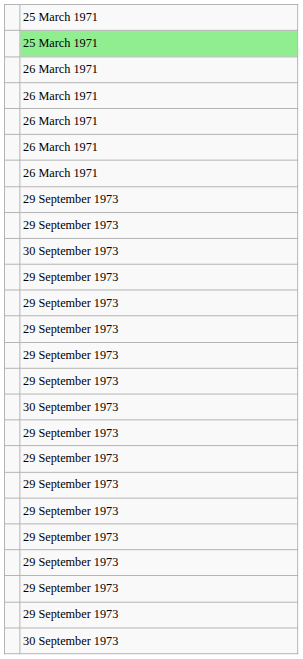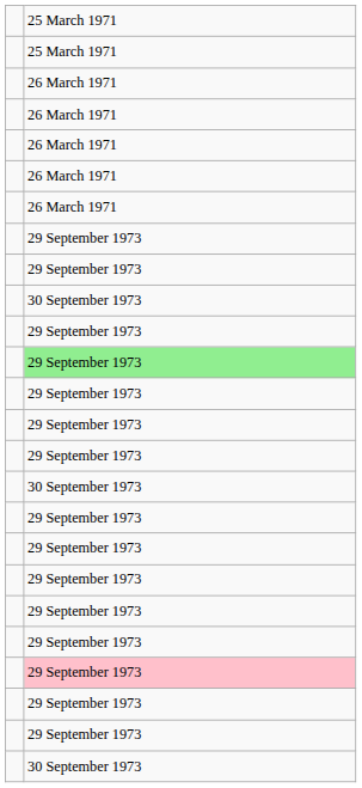 <table class="wikitable" style="font-size: 89%; float: left; width: 24em; margin-right: 1em; line-height: 1.65em">
 <tr>
 <td></td>
 <td>25 March 1971</td>
 </tr>
 <tr>
 <td></td>
-<td style="background: lightgreen;">25 March 1971</td>
+<td>25 March 1971</td>
 </tr>
 <tr>
 <td></td>
 <td>26 March 1971</td>
 </tr>
 <tr>
 <td></td>
 <td>26 March 1971</td>
 </tr>
 <tr>
 <td></td>
 <td>26 March 1971</td>
 </tr>
 <tr>
 <td></td>
 <td>26 March 1971</td>
 </tr>
 <tr>
 <td></td>
 <td>26 March 1971</td>
 </tr>
 <tr>
 <td></td>
 <td>29 September 1973</td>
 </tr>
 <tr>
 <td></td>
 <td>29 September 1973</td>
 </tr>
 <tr>
 <td></td>
 <td>30 September 1973</td>
 </tr>
 <tr>
 <td></td>
 <td>29 September 1973</td>
 </tr>
 <tr>
 <td></td>
-<td>29 September 1973</td>
+<td style="background: lightgreen;">29 September 1973</td>
 </tr>
 <tr>
 <td></td>
 <td>29 September 1973</td>
 </tr>
 <tr>
 <td></td>
 <td>29 September 1973</td>
 </tr>
 <tr>
 <td></td>
 <td>29 September 1973</td>
 </tr>
 <tr>
 <td></td>
 <td>30 September 1973</td>
 </tr>
 <tr>
 <td></td>
 <td>29 September 1973</td>
 </tr>
 <tr>
 <td></td>
 <td>29 September 1973</td>
 </tr>
 <tr>
 <td></td>
 <td>29 September 1973</td>
 </tr>
 <tr>
 <td></td>
 <td>29 September 1973</td>
 </tr>
 <tr>
 <td></td>
 <td>29 September 1973</td>
 </tr>
 <tr>
 <td></td>
-<td>29 September 1973</td>
+<td style="background: pink;">29 September 1973</td>
 </tr>
 <tr>
 <td></td>
 <td>29 September 1973</td>
 </tr>
 <tr>
 <td></td>
 <td>29 September 1973</td>
 </tr>
 <tr>
 <td></td>
 <td>30 September 1973</td>
 </tr>
 </table>
